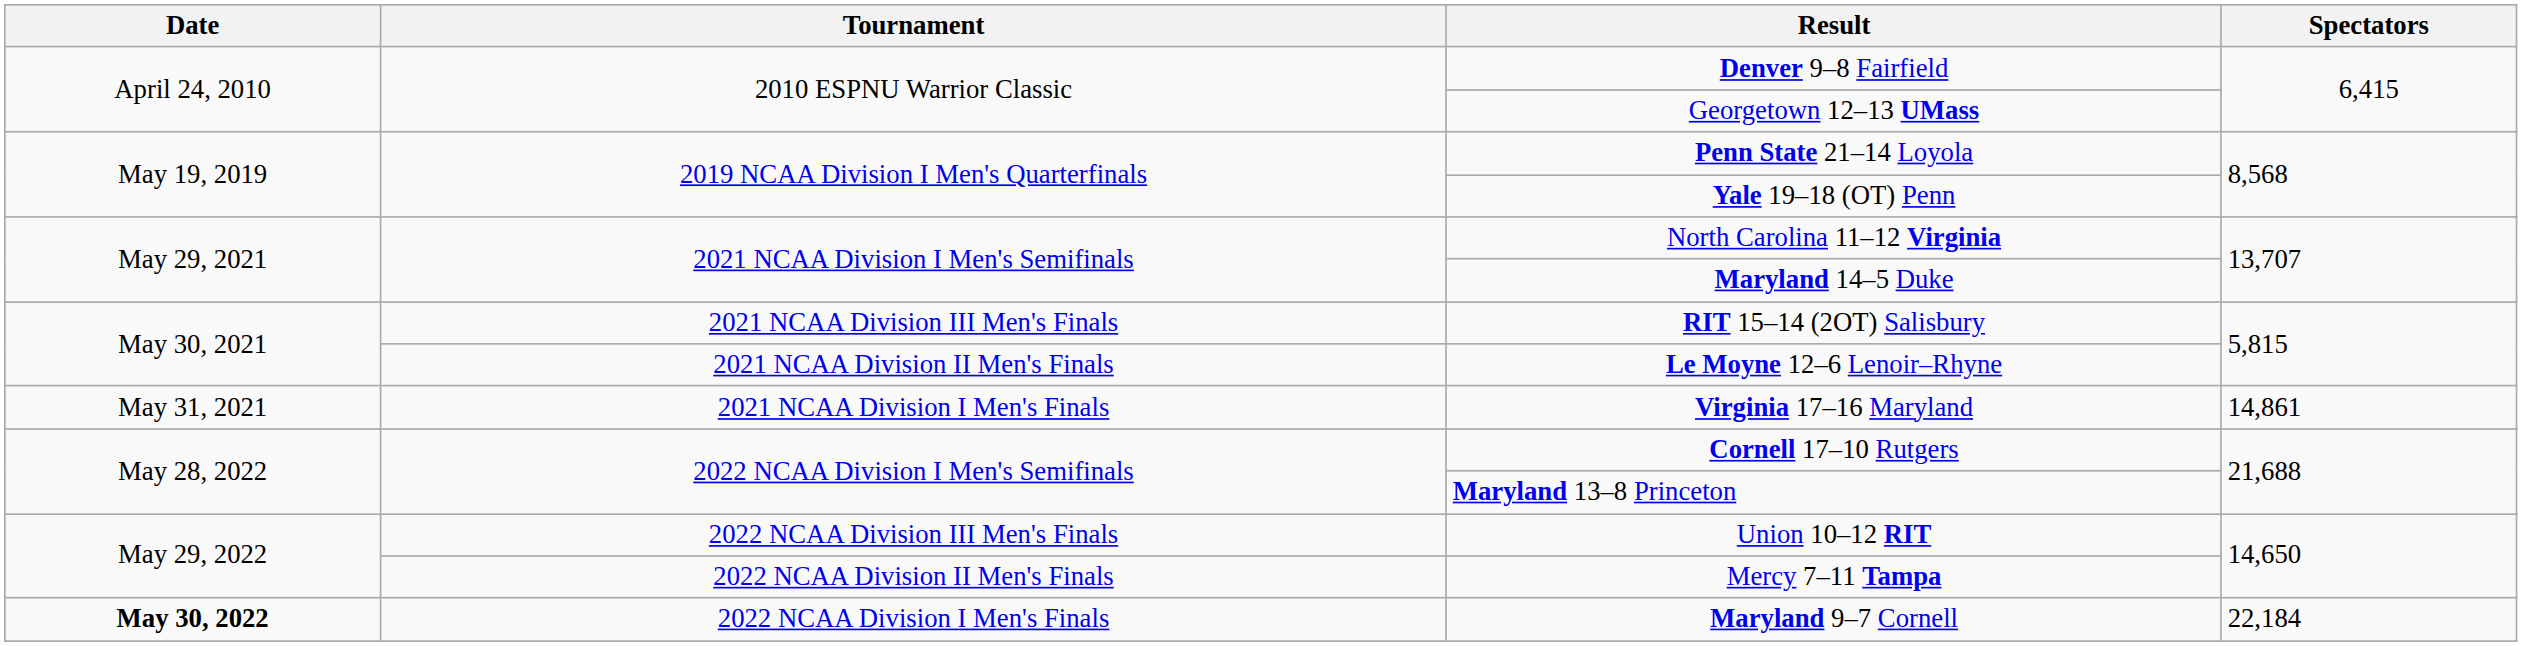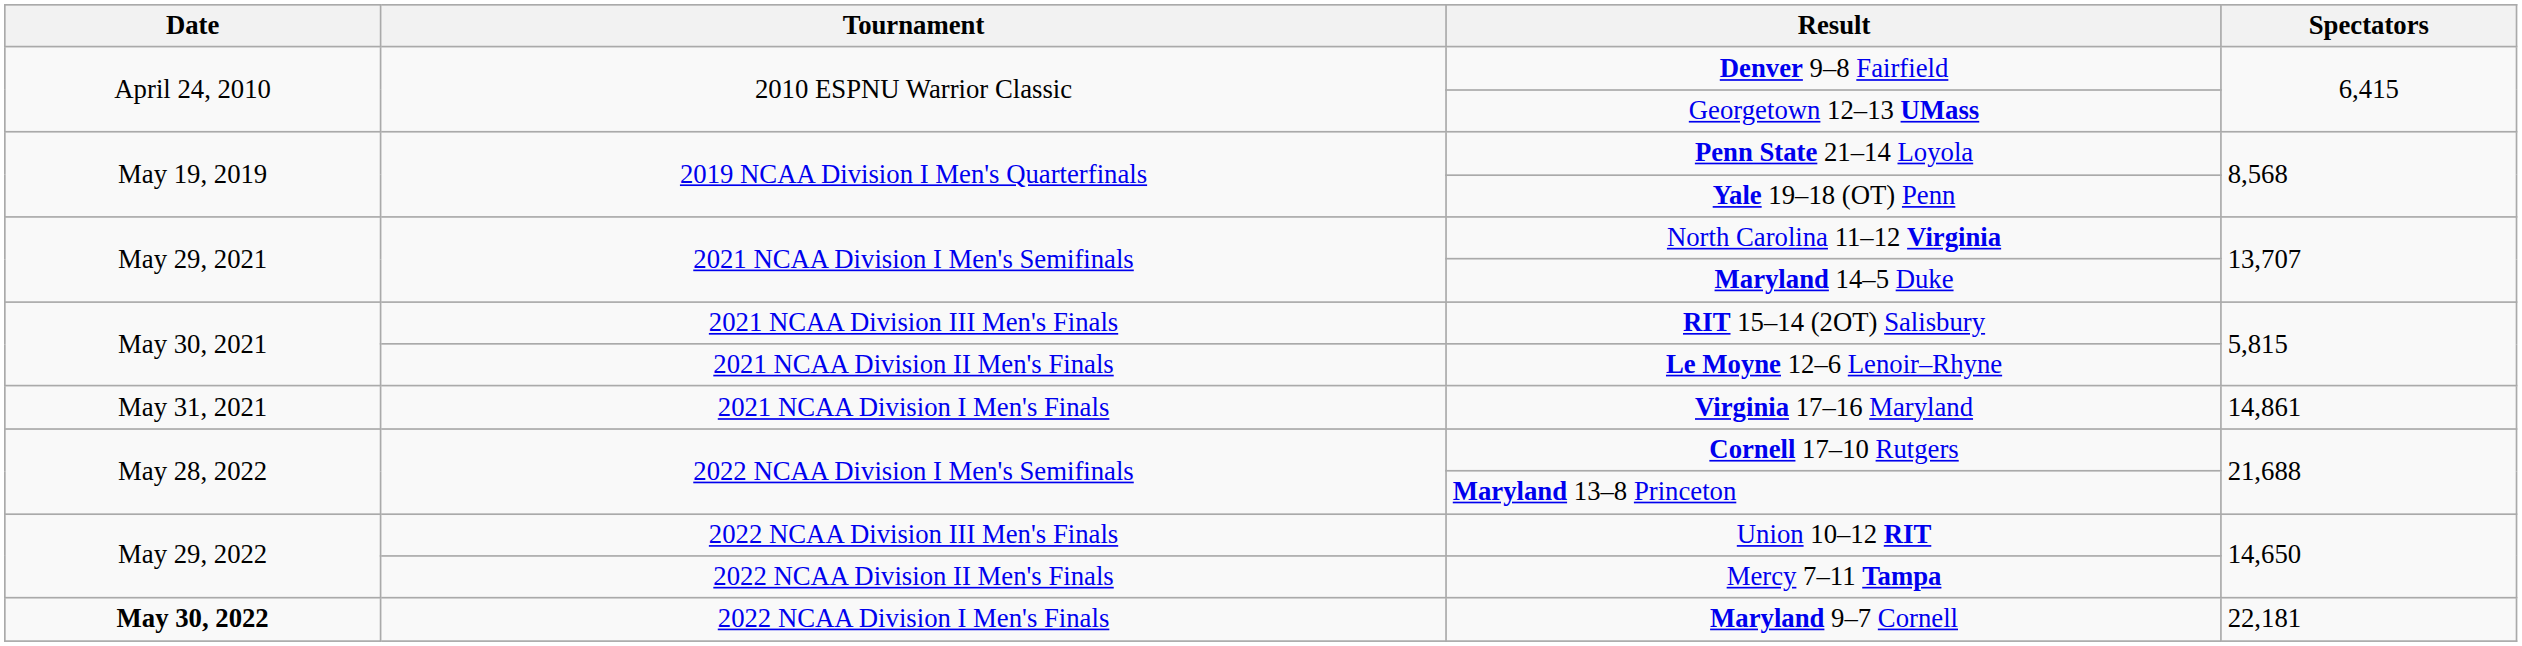 <table class="wikitable" style="text-align:left; width:95%;" style="text-align:center">
 <tr>
 <th style="text-align:center; ">Date</th>
 <th style="text-align:center; ">Tournament</th>
 <th style="text-align:center; ">Result</th>
 <th style="text-align:center; ">Spectators</th>
 </tr>
 <tr>
 <td rowspan="2" style="text-align:center;">April 24, 2010</td>
 <td rowspan="2" style="text-align:center;">2010 ESPNU Warrior Classic</td>
 <td style="text-align:center;"><strong><a href='#'>Denver</a></strong> 9–8 <a href='#'>Fairfield</a></td>
 <td rowspan="2" style="text-align:center;">6,415</td>
 </tr>
 <tr>
 <td style="text-align:center;"><a href='#'>Georgetown</a> 12–13 <strong><a href='#'>UMass</a></strong></td>
 </tr>
 <tr>
 <td rowspan="2" style="text-align:center;">May 19, 2019</td>
 <td rowspan="2" style="text-align:center;"><a href='#'>2019 NCAA Division I Men's Quarterfinals</a></td>
 <td style="text-align:center;"><strong><a href='#'>Penn State</a></strong> 21–14 <a href='#'>Loyola</a></td>
 <td rowspan="2">8,568</td>
 </tr>
 <tr>
 <td style="text-align:center;"><strong><a href='#'>Yale</a></strong> 19–18 (OT) <a href='#'>Penn</a></td>
 </tr>
 <tr>
 <td rowspan="2" style="text-align:center;">May 29, 2021</td>
 <td rowspan="2" style="text-align:center;"><a href='#'>2021 NCAA Division I Men's Semifinals</a></td>
 <td style="text-align:center;"><a href='#'>North Carolina</a> 11–12 <strong><a href='#'>Virginia</a></strong></td>
 <td rowspan="2">13,707</td>
 </tr>
 <tr>
 <td style="text-align:center;"><strong><a href='#'>Maryland</a></strong> 14–5 <a href='#'>Duke</a></td>
 </tr>
 <tr>
 <td rowspan="2" style="text-align:center;">May 30, 2021</td>
 <td style="text-align:center;"><a href='#'>2021 NCAA Division III Men's Finals</a></td>
 <td style="text-align:center;"><strong><a href='#'>RIT</a></strong> 15–14 (2OT) <a href='#'>Salisbury</a></td>
 <td rowspan="2">5,815</td>
 </tr>
 <tr>
 <td style="text-align:center;"><a href='#'>2021 NCAA Division II Men's Finals</a></td>
 <td style="text-align:center;"><strong><a href='#'>Le Moyne</a></strong> 12–6 <a href='#'>Lenoir–Rhyne</a></td>
 </tr>
 <tr>
 <td style="text-align:center;">May 31, 2021</td>
 <td style="text-align:center;"><a href='#'>2021 NCAA Division I Men's Finals</a></td>
 <td style="text-align:center;"><strong><a href='#'>Virginia</a></strong> 17–16 <a href='#'>Maryland</a></td>
 <td>14,861</td>
 </tr>
 <tr>
 <td rowspan="2" style="text-align:center;">May 28, 2022</td>
 <td rowspan="2" style="text-align:center;"><a href='#'>2022 NCAA Division I Men's Semifinals</a></td>
 <td style="text-align:center;"><strong><a href='#'>Cornell</a></strong> 17–10 <a href='#'>Rutgers</a></td>
 <td rowspan="2">21,688</td>
 </tr>
 <tr>
 <td><strong><a href='#'>Maryland</a></strong> 13–8 <a href='#'>Princeton</a></td>
 </tr>
 <tr>
 <td rowspan="2" style="text-align:center;">May 29, 2022</td>
 <td style="text-align:center;"><a href='#'>2022 NCAA Division III Men's Finals</a></td>
 <td style="text-align:center;"><a href='#'>Union</a> 10–12 <strong><a href='#'>RIT</a></strong></td>
 <td rowspan="2">14,650</td>
 </tr>
 <tr>
 <td style="text-align:center;"><a href='#'>2022 NCAA Division II Men's Finals</a></td>
 <td style="text-align:center;"><a href='#'>Mercy</a> 7–11 <strong><a href='#'>Tampa</a></strong></td>
 </tr>
 <tr>
 <td style="text-align:center;"><strong>May 30, 2022</strong></td>
 <td style="text-align:center;"><a href='#'>2022 NCAA Division I Men's Finals</a></td>
 <td style="text-align:center;"><strong><a href='#'>Maryland</a></strong> 9–7 <a href='#'>Cornell</a></td>
-<td>22,184</td>
+<td>22,181</td>
 </tr>
 </table>
